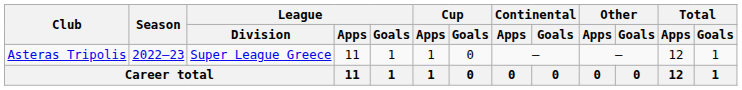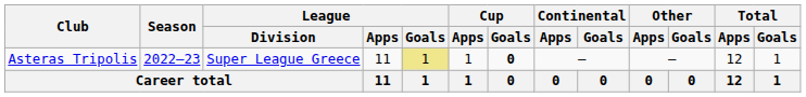 <table class="wikitable" style="text-align:center">
 <tr>
 <th rowspan="2">Club</th>
 <th rowspan="2">Season</th>
 <th colspan="3">League</th>
 <th colspan="2">Cup</th>
 <th colspan="2">Continental</th>
 <th colspan="2">Other</th>
 <th colspan="2">Total</th>
 </tr>
 <tr>
 <th>Division</th>
 <th>Apps</th>
 <th>Goals</th>
 <th>Apps</th>
 <th>Goals</th>
 <th>Apps</th>
 <th>Goals</th>
 <th>Apps</th>
 <th>Goals</th>
 <th>Apps</th>
 <th>Goals</th>
 </tr>
 <tr>
 <td><a href='#'>Asteras Tripolis</a></td>
 <td><a href='#'>2022–23</a></td>
 <td><a href='#'>Super League Greece</a></td>
 <td>11</td>
+<td style="background: khaki;">1</td>
 <td>1</td>
-<td>1</td>
-<td>0</td>
+<td><strong>0</strong></td>
 <td colspan="2">—</td>
 <td colspan="2">—</td>
 <td>12</td>
 <td>1</td>
 </tr>
 <tr>
 <th colspan="3">Career total</th>
 <th>11</th>
 <th>1</th>
 <th>1</th>
 <th>0</th>
 <th>0</th>
 <th>0</th>
 <th>0</th>
 <th>0</th>
 <th>12</th>
 <th>1</th>
 </tr>
 </table>
